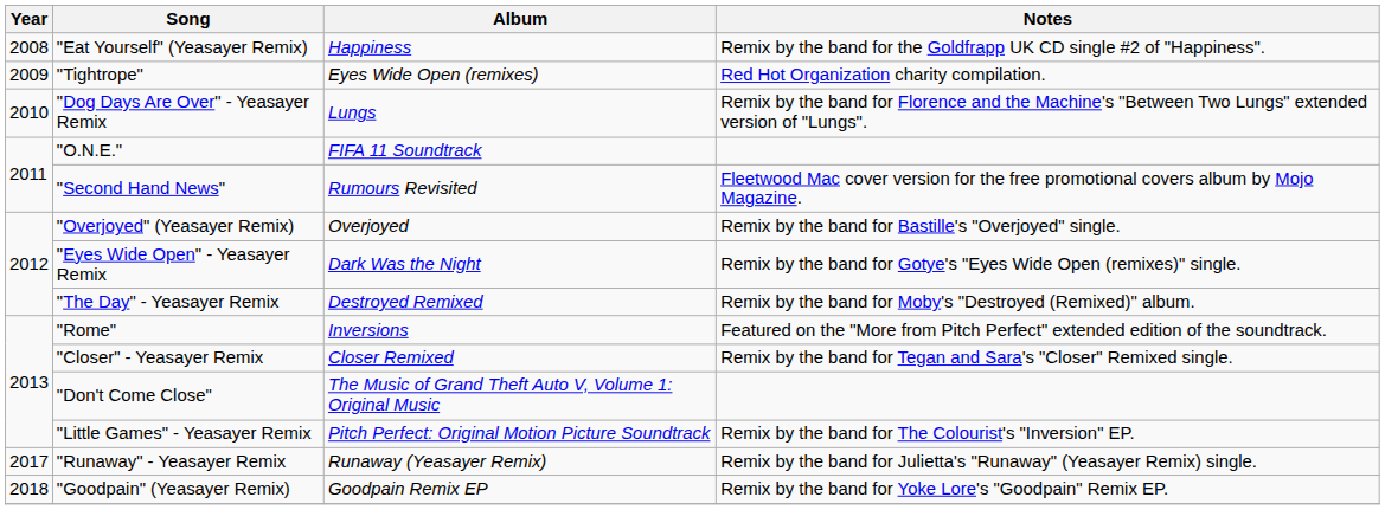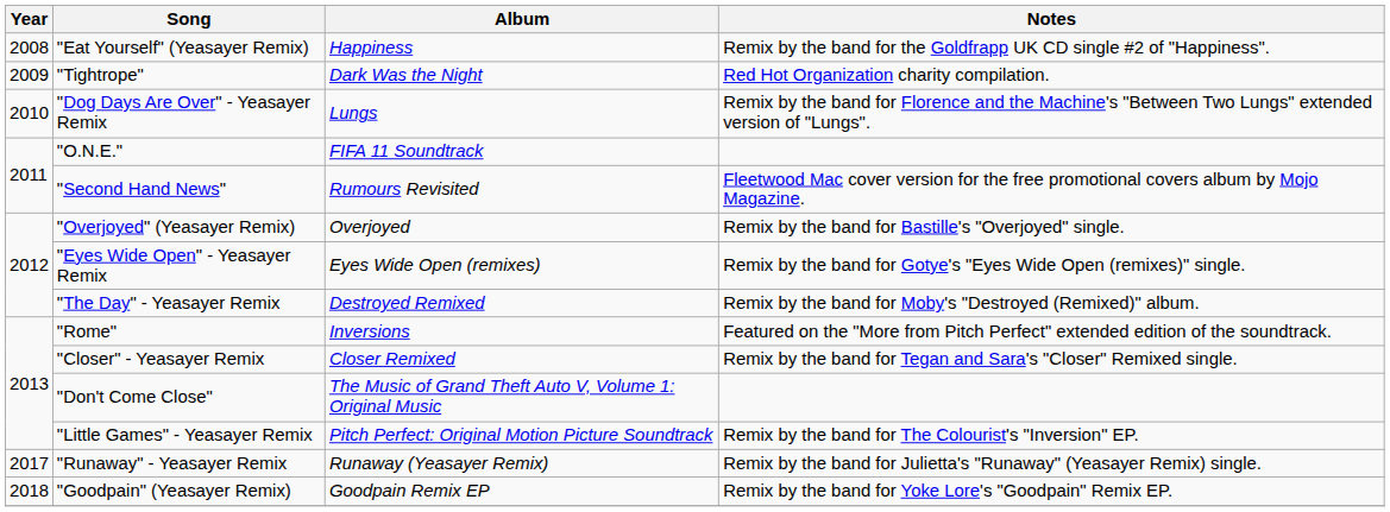 <table class="wikitable">
 <tr>
 <th>Year</th>
 <th style="text-align:center;">Song</th>
 <th>Album</th>
 <th>Notes</th>
 </tr>
 <tr>
 <td rowspan="1">2008</td>
 <td>"Eat Yourself" (Yeasayer Remix)</td>
 <td><em><a href='#'>Happiness</a></em></td>
 <td>Remix by the band for the <a href='#'>Goldfrapp</a> UK CD single #2 of "Happiness".</td>
 </tr>
 <tr>
 <td rowspan="1">2009</td>
 <td>"Tightrope"</td>
-<td><em>Eyes Wide Open (remixes)</em></td>
+<td><em><a href='#'>Dark Was the Night</a></em></td>
 <td><a href='#'>Red Hot Organization</a> charity compilation.</td>
 </tr>
 <tr>
 <td rowspan="1">2010</td>
 <td>"<a href='#'>Dog Days Are Over</a>" - Yeasayer Remix</td>
 <td><em><a href='#'>Lungs</a></em></td>
 <td>Remix by the band for <a href='#'>Florence and the Machine</a>'s "Between Two Lungs" extended version of "Lungs".</td>
 </tr>
 <tr>
 <td rowspan="2">2011</td>
 <td>"O.N.E."</td>
 <td><em><a href='#'>FIFA 11 Soundtrack</a></em></td>
 <td></td>
 </tr>
 <tr>
 <td>"<a href='#'>Second Hand News</a>"</td>
 <td><em><a href='#'>Rumours</a> Revisited</em></td>
 <td><a href='#'>Fleetwood Mac</a> cover version for the free promotional covers album by <a href='#'>Mojo Magazine</a>.</td>
 </tr>
 <tr>
 <td rowspan="3">2012</td>
 <td>"<a href='#'>Overjoyed</a>" (Yeasayer Remix)</td>
 <td><em>Overjoyed</em></td>
 <td>Remix by the band for <a href='#'>Bastille</a>'s "Overjoyed" single.</td>
 </tr>
 <tr>
 <td>"<a href='#'>Eyes Wide Open</a>" - Yeasayer Remix</td>
-<td><em><a href='#'>Dark Was the Night</a></em></td>
+<td><em>Eyes Wide Open (remixes)</em></td>
 <td>Remix by the band for <a href='#'>Gotye</a>'s "Eyes Wide Open (remixes)" single.</td>
 </tr>
 <tr>
 <td>"<a href='#'>The Day</a>" - Yeasayer Remix</td>
 <td><em><a href='#'>Destroyed Remixed</a></em></td>
 <td>Remix by the band for <a href='#'>Moby</a>'s "Destroyed (Remixed)" album.</td>
 </tr>
 <tr>
 <td rowspan="4">2013</td>
 <td>"Rome"</td>
 <td><em><a href='#'>Inversions</a></em></td>
 <td>Featured on the "More from Pitch Perfect" extended edition of the soundtrack.</td>
 </tr>
 <tr>
 <td>"Closer" - Yeasayer Remix</td>
 <td><em><a href='#'>Closer Remixed</a></em></td>
 <td>Remix by the band for <a href='#'>Tegan and Sara</a>'s "Closer" Remixed single.</td>
 </tr>
 <tr>
 <td>"Don't Come Close"</td>
 <td><em><a href='#'>The Music of Grand Theft Auto V, Volume 1: Original Music</a></em></td>
 <td></td>
 </tr>
 <tr>
 <td>"Little Games" - Yeasayer Remix</td>
 <td><em><a href='#'>Pitch Perfect: Original Motion Picture Soundtrack</a></em></td>
 <td>Remix by the band for <a href='#'>The Colourist</a>'s "Inversion" EP.</td>
 </tr>
 <tr>
 <td rowspan="1">2017</td>
 <td>"Runaway" - Yeasayer Remix</td>
 <td><em>Runaway (Yeasayer Remix)</em></td>
 <td>Remix by the band for Julietta's "Runaway" (Yeasayer Remix) single.</td>
 </tr>
 <tr>
 <td rowspan="1">2018</td>
 <td>"Goodpain" (Yeasayer Remix)</td>
 <td><em>Goodpain Remix EP</em></td>
 <td>Remix by the band for <a href='#'>Yoke Lore</a>'s "Goodpain" Remix EP.</td>
 </tr>
 <tr>
 </tr>
 </table>
